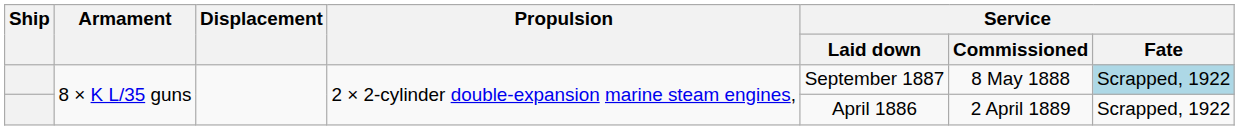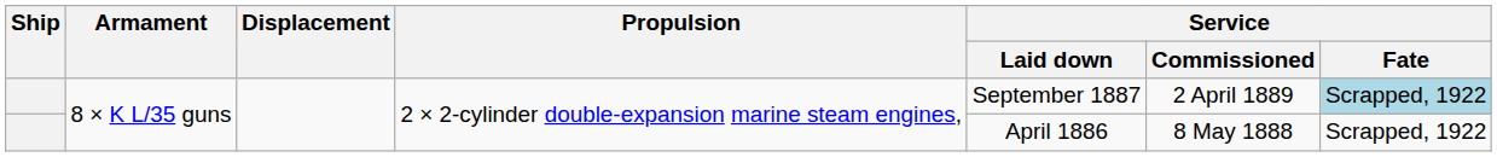 <table class="wikitable plainrowheaders" style="text-align: center;">
 <tr valign="top">
 <th scope="col" rowspan="2">Ship</th>
 <th scope="col" rowspan="2">Armament</th>
 <th scope="col" rowspan="2">Displacement</th>
 <th scope="col" rowspan="2">Propulsion</th>
 <th scope="col" colspan="3">Service</th>
 </tr>
 <tr valign="top">
 <th scope="col">Laid down</th>
 <th scope="col">Commissioned</th>
 <th scope="col">Fate</th>
 </tr>
 <tr valign="center">
 <th scope="row"></th>
 <td rowspan="2">8 × <a href='#'> K L/35</a> guns</td>
 <td rowspan="2"></td>
 <td rowspan="2">2 × 2-cylinder <a href='#'>double-expansion</a> <a href='#'>marine steam engines</a>, </td>
 <td>September 1887</td>
-<td>8 May 1888</td>
+<td>2 April 1889</td>
 <td style="background: lightblue;">Scrapped, 1922</td>
 </tr>
 <tr valign="center">
 <th scope="row"></th>
 <td>April 1886</td>
-<td>2 April 1889</td>
+<td>8 May 1888</td>
 <td>Scrapped, 1922</td>
 </tr>
 </table>
